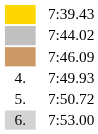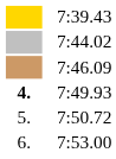 <table style="text-align:center">
 <tr>
 <td width=30 bgcolor=gold></td>
 <td align=left></td>
 <td width=60>7:39.43</td>
 </tr>
 <tr>
 <td bgcolor=silver></td>
 <td align=left></td>
 <td>7:44.02</td>
 </tr>
 <tr>
 <td bgcolor=cc9966></td>
 <td align=left></td>
 <td>7:46.09</td>
 </tr>
 <tr>
-<td>4.</td>
+<td><strong>4.</strong></td>
 <td align=left></td>
 <td>7:49.93</td>
 </tr>
 <tr>
 <td>5.</td>
 <td align=left></td>
 <td>7:50.72</td>
 </tr>
 <tr>
-<td style="background: lightgrey;">6.</td>
+<td>6.</td>
 <td align=left></td>
 <td>7:53.00</td>
 </tr>
 </table>
